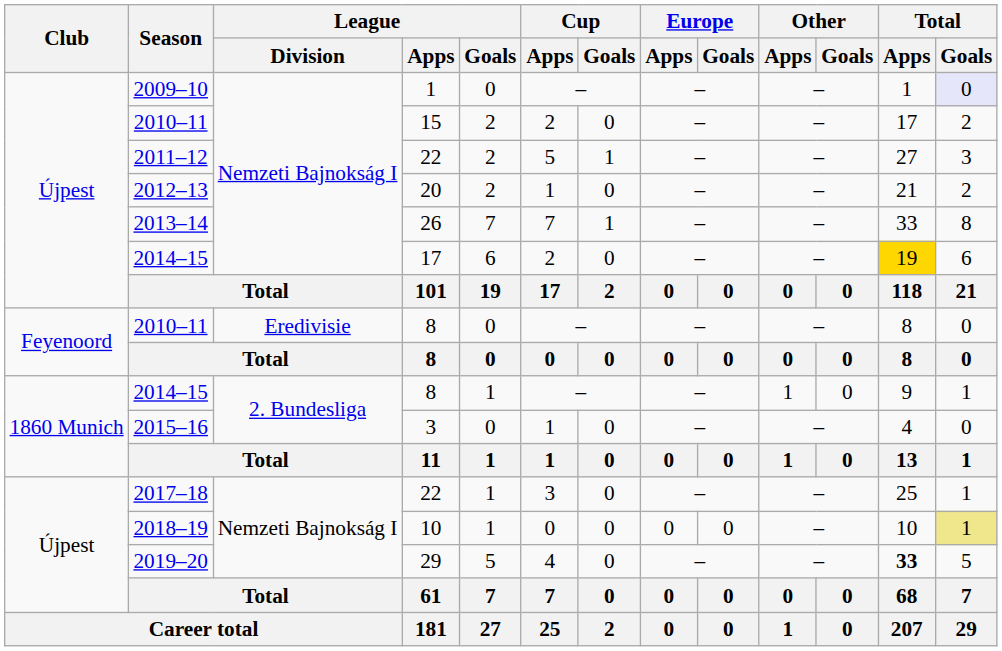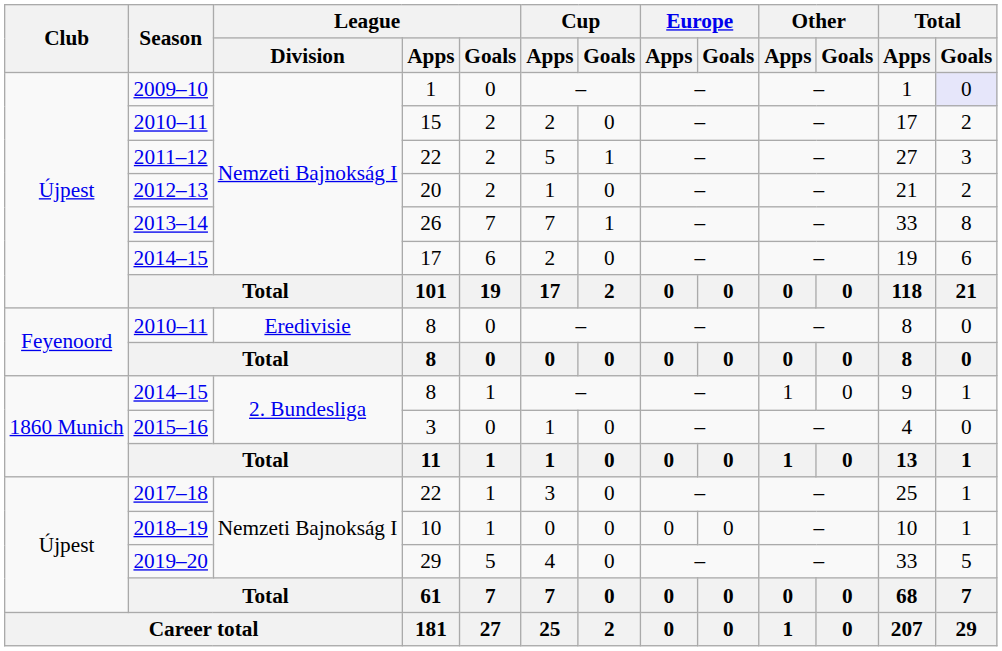 <table class="wikitable" style="text-align: center">
 <tr>
 <th rowspan="2">Club</th>
 <th rowspan="2">Season</th>
 <th colspan="3">League</th>
 <th colspan="2">Cup</th>
 <th colspan="2"><a href='#'>Europe</a></th>
 <th colspan="2">Other</th>
 <th colspan="2">Total</th>
 </tr>
 <tr>
 <th>Division</th>
 <th>Apps</th>
 <th>Goals</th>
 <th>Apps</th>
 <th>Goals</th>
 <th>Apps</th>
 <th>Goals</th>
 <th>Apps</th>
 <th>Goals</th>
 <th>Apps</th>
 <th>Goals</th>
 </tr>
 <tr>
 <td rowspan="7"><a href='#'>Újpest</a></td>
 <td><a href='#'>2009–10</a></td>
 <td rowspan="6"><a href='#'>Nemzeti Bajnokság I</a></td>
 <td>1</td>
 <td>0</td>
 <td colspan="2">–</td>
 <td colspan="2">–</td>
 <td colspan="2">–</td>
 <td>1</td>
 <td style="background: lavender;">0</td>
 </tr>
 <tr>
 <td><a href='#'>2010–11</a></td>
 <td>15</td>
 <td>2</td>
 <td>2</td>
 <td>0</td>
 <td colspan="2">–</td>
 <td colspan="2">–</td>
 <td>17</td>
 <td>2</td>
 </tr>
 <tr>
 <td><a href='#'>2011–12</a></td>
 <td>22</td>
 <td>2</td>
 <td>5</td>
 <td>1</td>
 <td colspan="2">–</td>
 <td colspan="2">–</td>
 <td>27</td>
 <td>3</td>
 </tr>
 <tr>
 <td><a href='#'>2012–13</a></td>
 <td>20</td>
 <td>2</td>
 <td>1</td>
 <td>0</td>
 <td colspan="2">–</td>
 <td colspan="2">–</td>
 <td>21</td>
 <td>2</td>
 </tr>
 <tr>
 <td><a href='#'>2013–14</a></td>
 <td>26</td>
 <td>7</td>
 <td>7</td>
 <td>1</td>
 <td colspan="2">–</td>
 <td colspan="2">–</td>
 <td>33</td>
 <td>8</td>
 </tr>
 <tr>
 <td><a href='#'>2014–15</a></td>
 <td>17</td>
 <td>6</td>
 <td>2</td>
 <td>0</td>
 <td colspan="2">–</td>
 <td colspan="2">–</td>
-<td style="background: gold;">19</td>
+<td>19</td>
 <td>6</td>
 </tr>
 <tr>
 <th colspan="2">Total</th>
 <th>101</th>
 <th>19</th>
 <th>17</th>
 <th>2</th>
 <th>0</th>
 <th>0</th>
 <th>0</th>
 <th>0</th>
 <th>118</th>
 <th>21</th>
 </tr>
 <tr>
 <td rowspan="2"><a href='#'>Feyenoord</a></td>
 <td><a href='#'>2010–11</a></td>
 <td><a href='#'>Eredivisie</a></td>
 <td>8</td>
 <td>0</td>
 <td colspan="2">–</td>
 <td colspan="2">–</td>
 <td colspan="2">–</td>
 <td>8</td>
 <td>0</td>
 </tr>
 <tr>
 <th colspan="2">Total</th>
 <th>8</th>
 <th>0</th>
 <th>0</th>
 <th>0</th>
 <th>0</th>
 <th>0</th>
 <th>0</th>
 <th>0</th>
 <th>8</th>
 <th>0</th>
 </tr>
 <tr>
 <td rowspan="3"><a href='#'>1860 Munich</a></td>
 <td><a href='#'>2014–15</a></td>
 <td rowspan="2"><a href='#'>2. Bundesliga</a></td>
 <td>8</td>
 <td>1</td>
 <td colspan="2">–</td>
 <td colspan="2">–</td>
 <td>1</td>
 <td>0</td>
 <td>9</td>
 <td>1</td>
 </tr>
 <tr>
 <td><a href='#'>2015–16</a></td>
 <td>3</td>
 <td>0</td>
 <td>1</td>
 <td>0</td>
 <td colspan="2">–</td>
 <td colspan="2">–</td>
 <td>4</td>
 <td>0</td>
 </tr>
 <tr>
 <th colspan="2">Total</th>
 <th>11</th>
 <th>1</th>
 <th>1</th>
 <th>0</th>
 <th>0</th>
 <th>0</th>
 <th>1</th>
 <th>0</th>
 <th>13</th>
 <th>1</th>
 </tr>
 <tr>
 <td rowspan="4">Újpest</td>
 <td><a href='#'>2017–18</a></td>
 <td rowspan="3">Nemzeti Bajnokság I</td>
 <td>22</td>
 <td>1</td>
 <td>3</td>
 <td>0</td>
 <td colspan="2">–</td>
 <td colspan="2">–</td>
 <td>25</td>
 <td>1</td>
 </tr>
 <tr>
 <td><a href='#'>2018–19</a></td>
 <td>10</td>
 <td>1</td>
 <td>0</td>
 <td>0</td>
 <td>0</td>
 <td>0</td>
 <td colspan="2">–</td>
 <td>10</td>
-<td style="background: khaki;">1</td>
+<td>1</td>
 </tr>
 <tr>
 <td><a href='#'>2019–20</a></td>
 <td>29</td>
 <td>5</td>
 <td>4</td>
 <td>0</td>
 <td colspan="2">–</td>
 <td colspan="2">–</td>
-<td><strong>33</strong></td>
+<td>33</td>
 <td>5</td>
 </tr>
 <tr>
 <th colspan="2">Total</th>
 <th>61</th>
 <th>7</th>
 <th>7</th>
 <th>0</th>
 <th>0</th>
 <th>0</th>
 <th>0</th>
 <th>0</th>
 <th>68</th>
 <th>7</th>
 </tr>
 <tr>
 <th colspan="3">Career total</th>
 <th>181</th>
 <th>27</th>
 <th>25</th>
 <th>2</th>
 <th>0</th>
 <th>0</th>
 <th>1</th>
 <th>0</th>
 <th>207</th>
 <th>29</th>
 </tr>
 </table>
